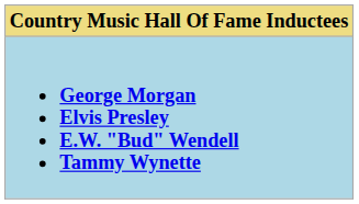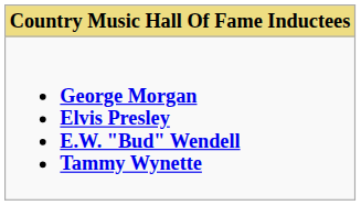 <table class="wikitable">
 <tr>
 <th style="background:#EEDD82; width=50%">Country Music Hall Of Fame Inductees</th>
 </tr>
 <tr>
-<td valign="top" style="background: lightblue;"><br><ul><li><strong><a href='#'>George Morgan</a></strong></li><li><strong><a href='#'>Elvis Presley</a></strong></li><li><strong><a href='#'>E.W. "Bud" Wendell</a></strong></li><li><strong><a href='#'>Tammy Wynette</a></strong></li></ul></td>
+<td valign="top"><br><ul><li><strong><a href='#'>George Morgan</a></strong></li><li><strong><a href='#'>Elvis Presley</a></strong></li><li><strong><a href='#'>E.W. "Bud" Wendell</a></strong></li><li><strong><a href='#'>Tammy Wynette</a></strong></li></ul></td>
 </tr>
 </table>
